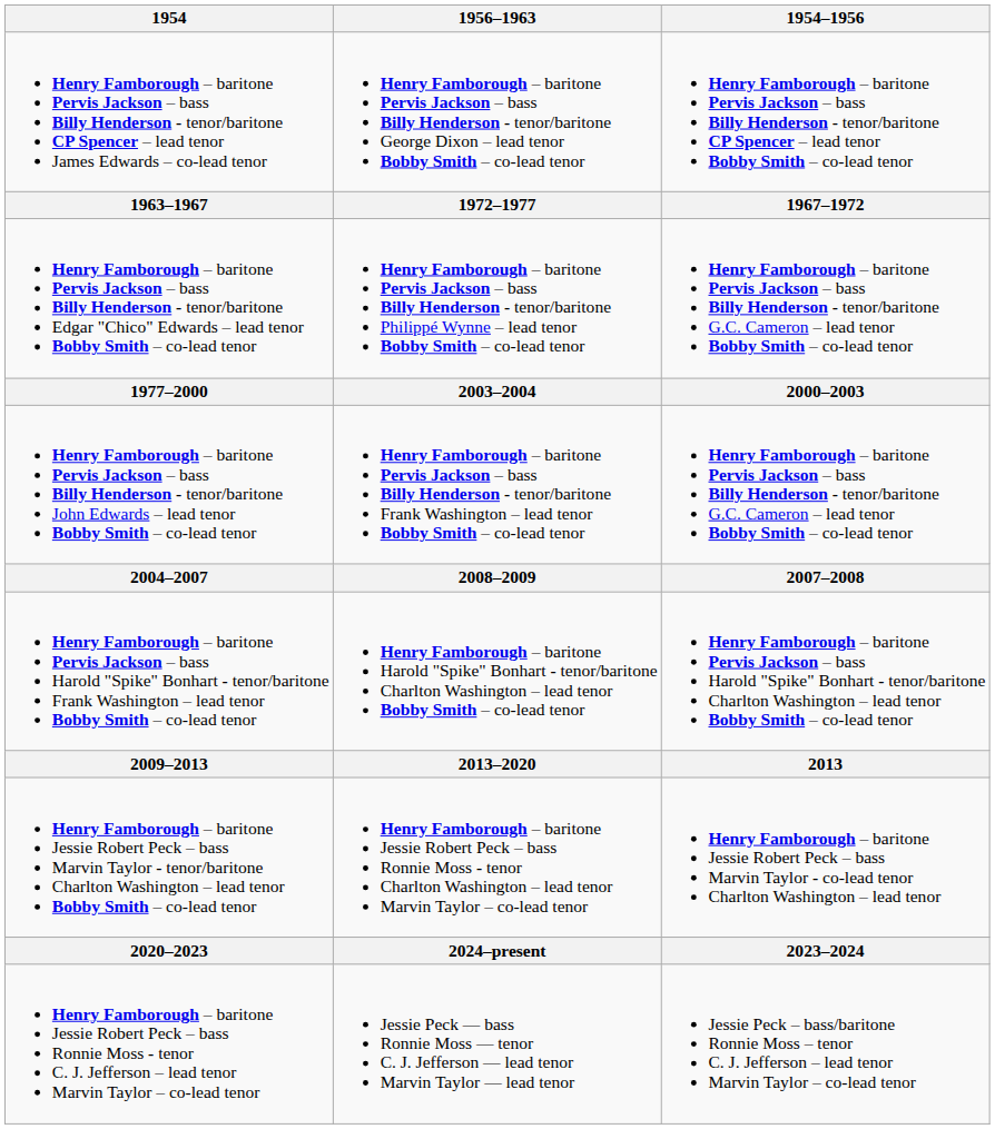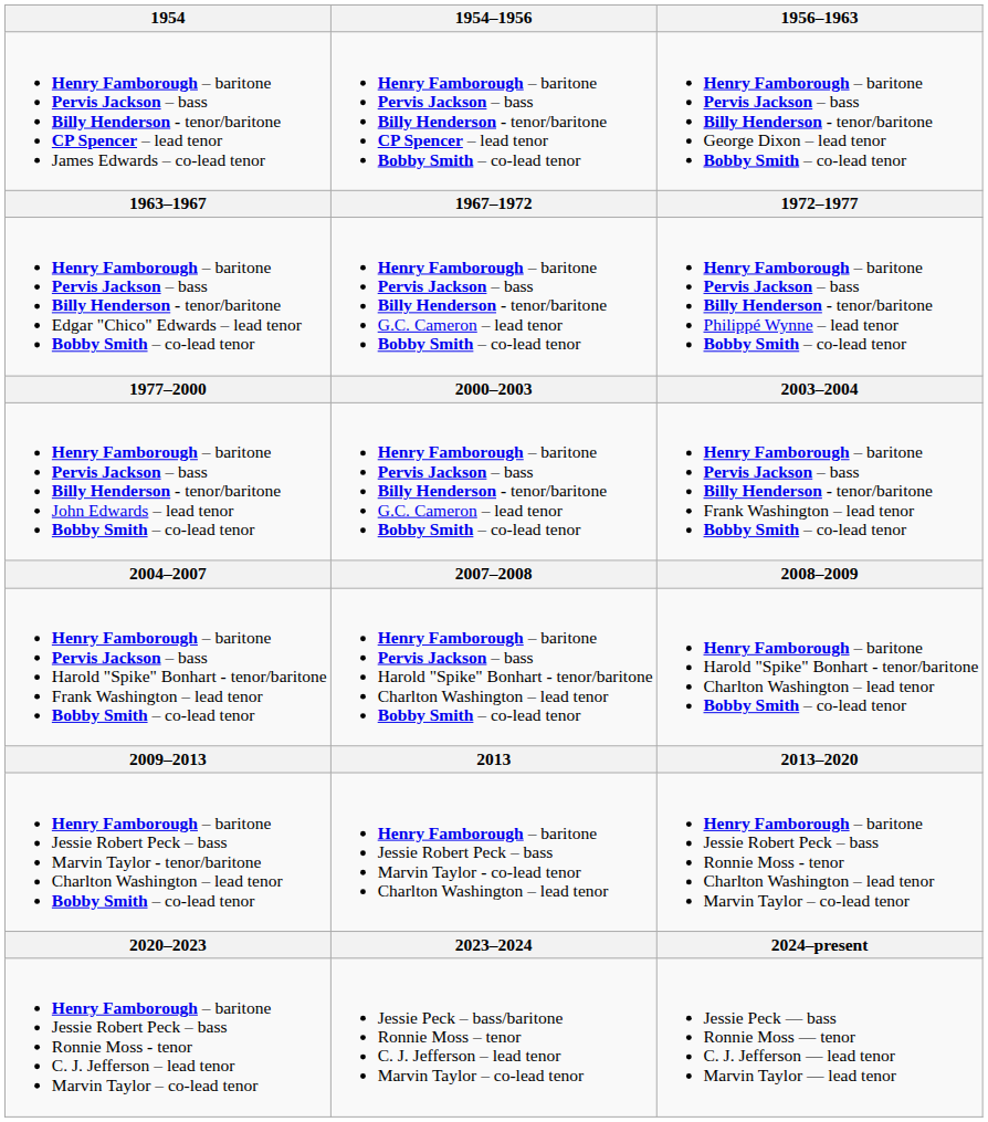 <table class="wikitable">
 <tr>
 <th>1954</th>
+<th>1954–1956</th>
 <th>1956–1963</th>
-<th>1954–1956</th>
 </tr>
 <tr>
 <td><br><ul><li><a href='#'><strong>Henry Famborough</strong></a> – baritone</li><li><strong><a href='#'>Pervis Jackson</a></strong> – bass</li><li><strong><a href='#'>Billy Henderson</a> -</strong> tenor/baritone</li><li><strong><a href='#'>CP Spencer</a></strong> – lead tenor</li><li>James Edwards – co-lead tenor</li></ul></td>
+<td><br><ul><li><a href='#'><strong>Henry Famborough</strong></a> – baritone</li><li><strong><a href='#'>Pervis Jackson</a></strong> – bass</li><li><strong><a href='#'>Billy Henderson</a> -</strong> tenor/baritone</li><li><strong><a href='#'>CP Spencer</a></strong> – lead tenor</li><li><strong><a href='#'>Bobby Smith</a></strong> – co-lead tenor</li></ul></td>
 <td><br><ul><li><a href='#'><strong>Henry Famborough</strong></a> – baritone</li><li><strong><a href='#'>Pervis Jackson</a></strong> – bass</li><li><strong><a href='#'>Billy Henderson</a> -</strong> tenor/baritone</li><li>George Dixon – lead tenor</li><li><strong><a href='#'>Bobby Smith</a></strong> – co-lead tenor</li></ul></td>
-<td><br><ul><li><a href='#'><strong>Henry Famborough</strong></a> – baritone</li><li><strong><a href='#'>Pervis Jackson</a></strong> – bass</li><li><strong><a href='#'>Billy Henderson</a> -</strong> tenor/baritone</li><li><strong><a href='#'>CP Spencer</a></strong> – lead tenor</li><li><strong><a href='#'>Bobby Smith</a></strong> – co-lead tenor</li></ul></td>
 </tr>
 <tr>
 <th>1963–1967</th>
+<th>1967–1972</th>
 <th>1972–1977</th>
-<th>1967–1972</th>
 </tr>
 <tr>
 <td><br><ul><li><a href='#'><strong>Henry Famborough</strong></a> – baritone</li><li><strong><a href='#'>Pervis Jackson</a></strong> – bass</li><li><strong><a href='#'>Billy Henderson</a> -</strong> tenor/baritone</li><li>Edgar "Chico" Edwards – lead tenor</li><li><strong><a href='#'>Bobby Smith</a></strong> – co-lead tenor</li></ul></td>
+<td><br><ul><li><a href='#'><strong>Henry Famborough</strong></a> – baritone</li><li><strong><a href='#'>Pervis Jackson</a></strong> – bass</li><li><strong><a href='#'>Billy Henderson</a> -</strong> tenor/baritone</li><li><a href='#'>G.C. Cameron</a> – lead tenor</li><li><strong><a href='#'>Bobby Smith</a></strong> – co-lead tenor</li></ul></td>
 <td><br><ul><li><a href='#'><strong>Henry Famborough</strong></a> – baritone</li><li><strong><a href='#'>Pervis Jackson</a></strong> – bass</li><li><strong><a href='#'>Billy Henderson</a> -</strong> tenor/baritone</li><li><a href='#'>Philippé Wynne</a> – lead tenor</li><li><strong><a href='#'>Bobby Smith</a></strong> – co-lead tenor</li></ul></td>
-<td><br><ul><li><a href='#'><strong>Henry Famborough</strong></a> – baritone</li><li><strong><a href='#'>Pervis Jackson</a></strong> – bass</li><li><strong><a href='#'>Billy Henderson</a> -</strong> tenor/baritone</li><li><a href='#'>G.C. Cameron</a> – lead tenor</li><li><strong><a href='#'>Bobby Smith</a></strong> – co-lead tenor</li></ul></td>
 </tr>
 <tr>
 <th>1977–2000</th>
+<th>2000–2003</th>
 <th>2003–2004</th>
-<th>2000–2003</th>
 </tr>
 <tr>
 <td><br><ul><li><a href='#'><strong>Henry Famborough</strong></a> – baritone</li><li><strong><a href='#'>Pervis Jackson</a></strong> – bass</li><li><strong><a href='#'>Billy Henderson</a> -</strong> tenor/baritone</li><li><a href='#'>John Edwards</a> – lead tenor</li><li><strong><a href='#'>Bobby Smith</a></strong> – co-lead tenor</li></ul></td>
+<td><br><ul><li><a href='#'><strong>Henry Famborough</strong></a> – baritone</li><li><strong><a href='#'>Pervis Jackson</a></strong> – bass</li><li><strong><a href='#'>Billy Henderson</a> -</strong> tenor/baritone</li><li><a href='#'>G.C. Cameron</a> – lead tenor</li><li><strong><a href='#'>Bobby Smith</a></strong> – co-lead tenor</li></ul></td>
 <td><br><ul><li><a href='#'><strong>Henry Famborough</strong></a> – baritone</li><li><strong><a href='#'>Pervis Jackson</a></strong> – bass</li><li><strong><a href='#'>Billy Henderson</a> -</strong> tenor/baritone</li><li>Frank Washington – lead tenor</li><li><strong><a href='#'>Bobby Smith</a></strong> – co-lead tenor</li></ul></td>
-<td><br><ul><li><a href='#'><strong>Henry Famborough</strong></a> – baritone</li><li><strong><a href='#'>Pervis Jackson</a></strong> – bass</li><li><strong><a href='#'>Billy Henderson</a> -</strong> tenor/baritone</li><li><a href='#'>G.C. Cameron</a> – lead tenor</li><li><strong><a href='#'>Bobby Smith</a></strong> – co-lead tenor</li></ul></td>
 </tr>
 <tr>
 <th>2004–2007</th>
+<th>2007–2008</th>
 <th>2008–2009</th>
-<th>2007–2008</th>
 </tr>
 <tr>
 <td><br><ul><li><a href='#'><strong>Henry Famborough</strong></a> – baritone</li><li><strong><a href='#'>Pervis Jackson</a></strong> – bass</li><li>Harold "Spike" Bonhart <strong>-</strong> tenor/baritone</li><li>Frank Washington – lead tenor</li><li><strong><a href='#'>Bobby Smith</a></strong> – co-lead tenor</li></ul></td>
+<td><br><ul><li><a href='#'><strong>Henry Famborough</strong></a> – baritone</li><li><strong><a href='#'>Pervis Jackson</a></strong> – bass</li><li>Harold "Spike" Bonhart <strong>-</strong> tenor/baritone</li><li>Charlton Washington – lead tenor</li><li><strong><a href='#'>Bobby Smith</a></strong> – co-lead tenor</li></ul></td>
 <td><br><ul><li><a href='#'><strong>Henry Famborough</strong></a> – baritone</li><li>Harold "Spike" Bonhart <strong>-</strong> tenor/baritone</li><li>Charlton Washington – lead tenor</li><li><strong><a href='#'>Bobby Smith</a></strong> – co-lead tenor</li></ul></td>
-<td><br><ul><li><a href='#'><strong>Henry Famborough</strong></a> – baritone</li><li><strong><a href='#'>Pervis Jackson</a></strong> – bass</li><li>Harold "Spike" Bonhart <strong>-</strong> tenor/baritone</li><li>Charlton Washington – lead tenor</li><li><strong><a href='#'>Bobby Smith</a></strong> – co-lead tenor</li></ul></td>
 </tr>
 <tr>
 <th>2009–2013</th>
+<th>2013</th>
 <th>2013–2020</th>
-<th>2013</th>
 </tr>
 <tr>
 <td><br><ul><li><a href='#'><strong>Henry Famborough</strong></a> – baritone</li><li>Jessie Robert Peck – bass</li><li>Marvin Taylor <strong>-</strong> tenor/baritone</li><li>Charlton Washington – lead tenor</li><li><strong><a href='#'>Bobby Smith</a></strong> – co-lead tenor</li></ul></td>
+<td><br><ul><li><a href='#'><strong>Henry Famborough</strong></a> – baritone</li><li>Jessie Robert Peck – bass</li><li>Marvin Taylor <strong>-</strong> co-lead tenor</li><li>Charlton Washington – lead tenor</li></ul></td>
 <td><br><ul><li><a href='#'><strong>Henry Famborough</strong></a> – baritone</li><li>Jessie Robert Peck – bass</li><li>Ronnie Moss <strong>-</strong> tenor</li><li>Charlton Washington – lead tenor</li><li>Marvin Taylor – co-lead tenor</li></ul></td>
-<td><br><ul><li><a href='#'><strong>Henry Famborough</strong></a> – baritone</li><li>Jessie Robert Peck – bass</li><li>Marvin Taylor <strong>-</strong> co-lead tenor</li><li>Charlton Washington – lead tenor</li></ul></td>
 </tr>
 <tr>
 <th>2020–2023</th>
+<th>2023–2024</th>
 <th>2024–present</th>
-<th>2023–2024</th>
 </tr>
 <tr>
 <td><br><ul><li><a href='#'><strong>Henry Famborough</strong></a> – baritone</li><li>Jessie Robert Peck – bass</li><li>Ronnie Moss <strong>-</strong> tenor</li><li>C. J. Jefferson – lead tenor</li><li>Marvin Taylor – co-lead tenor</li></ul></td>
+<td><br><ul><li>Jessie Peck – bass/baritone</li><li>Ronnie Moss – tenor</li><li>C. J. Jefferson – lead tenor</li><li>Marvin Taylor – co-lead tenor</li></ul></td>
 <td><br><ul><li>Jessie Peck — bass</li><li>Ronnie Moss — tenor</li><li>C. J. Jefferson — lead tenor</li><li>Marvin Taylor — lead tenor</li></ul></td>
-<td><br><ul><li>Jessie Peck – bass/baritone</li><li>Ronnie Moss – tenor</li><li>C. J. Jefferson – lead tenor</li><li>Marvin Taylor – co-lead tenor</li></ul></td>
 </tr>
 </table>
